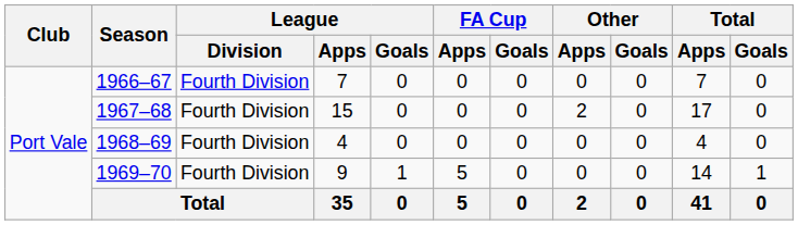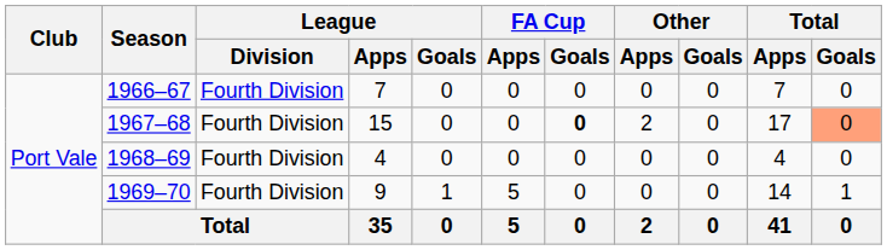 <table class="wikitable" style="text-align:center">
 <tr>
 <th rowspan="2">Club</th>
 <th rowspan="2">Season</th>
 <th colspan="3">League</th>
 <th colspan="2"><a href='#'>FA Cup</a></th>
 <th colspan="2">Other</th>
 <th colspan="2">Total</th>
 </tr>
 <tr>
 <th>Division</th>
 <th>Apps</th>
 <th>Goals</th>
 <th>Apps</th>
 <th>Goals</th>
 <th>Apps</th>
 <th>Goals</th>
 <th>Apps</th>
 <th>Goals</th>
 </tr>
 <tr>
 <td rowspan="5"><a href='#'>Port Vale</a></td>
 <td><a href='#'>1966–67</a></td>
 <td><a href='#'>Fourth Division</a></td>
 <td>7</td>
 <td>0</td>
 <td>0</td>
 <td>0</td>
 <td>0</td>
 <td>0</td>
 <td>7</td>
 <td>0</td>
 </tr>
 <tr>
 <td><a href='#'>1967–68</a></td>
 <td>Fourth Division</td>
 <td>15</td>
 <td>0</td>
 <td>0</td>
-<td>0</td>
+<td><strong>0</strong></td>
 <td>2</td>
 <td>0</td>
 <td>17</td>
-<td>0</td>
+<td style="background: lightsalmon;">0</td>
 </tr>
 <tr>
 <td><a href='#'>1968–69</a></td>
 <td>Fourth Division</td>
 <td>4</td>
 <td>0</td>
 <td>0</td>
 <td>0</td>
 <td>0</td>
 <td>0</td>
 <td>4</td>
 <td>0</td>
 </tr>
 <tr>
 <td><a href='#'>1969–70</a></td>
 <td>Fourth Division</td>
 <td>9</td>
 <td>1</td>
 <td>5</td>
 <td>0</td>
 <td>0</td>
 <td>0</td>
 <td>14</td>
 <td>1</td>
 </tr>
 <tr>
 <th colspan="2">Total</th>
 <th>35</th>
 <th>0</th>
 <th>5</th>
 <th>0</th>
 <th>2</th>
 <th>0</th>
 <th>41</th>
 <th>0</th>
 </tr>
 </table>
